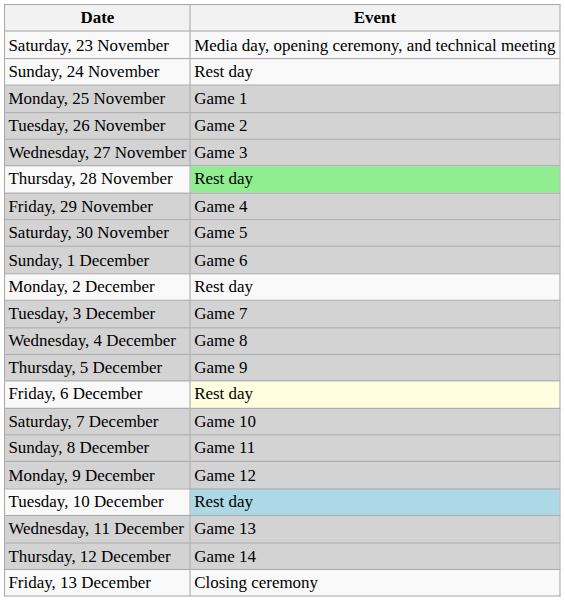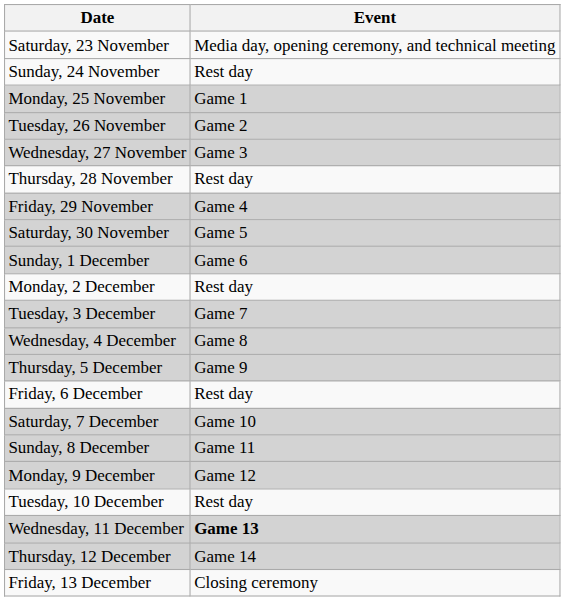 <table class="wikitable">
 <tr>
 <th>Date</th>
 <th>Event</th>
 </tr>
 <tr>
 <td>Saturday, 23 November</td>
 <td>Media day, opening ceremony, and technical meeting</td>
 </tr>
 <tr>
 <td>Sunday, 24 November</td>
 <td>Rest day</td>
 </tr>
 <tr style="background:lightgray">
 <td>Monday, 25 November</td>
 <td>Game 1</td>
 </tr>
 <tr style="background:lightgray">
 <td>Tuesday, 26 November</td>
 <td>Game 2</td>
 </tr>
 <tr style="background:lightgray">
 <td>Wednesday, 27 November</td>
 <td>Game 3</td>
 </tr>
 <tr>
 <td>Thursday, 28 November</td>
-<td style="background: lightgreen;">Rest day</td>
+<td>Rest day</td>
 </tr>
 <tr style="background:lightgray">
 <td>Friday, 29 November</td>
 <td>Game 4</td>
 </tr>
 <tr style="background:lightgray">
 <td>Saturday, 30 November</td>
 <td>Game 5</td>
 </tr>
 <tr style="background:lightgray">
 <td>Sunday, 1 December</td>
 <td>Game 6</td>
 </tr>
 <tr>
 <td>Monday, 2 December</td>
 <td>Rest day</td>
 </tr>
 <tr style="background:lightgray">
 <td>Tuesday, 3 December</td>
 <td>Game 7</td>
 </tr>
 <tr style="background:lightgray">
 <td>Wednesday, 4 December</td>
 <td>Game 8</td>
 </tr>
 <tr style="background:lightgray">
 <td>Thursday, 5 December</td>
 <td>Game 9</td>
 </tr>
 <tr>
 <td>Friday, 6 December</td>
-<td style="background: lightyellow;">Rest day</td>
+<td>Rest day</td>
 </tr>
 <tr style="background:lightgray">
 <td>Saturday, 7 December</td>
 <td>Game 10</td>
 </tr>
 <tr style="background:lightgray">
 <td>Sunday, 8 December</td>
 <td>Game 11</td>
 </tr>
 <tr style="background:lightgray">
 <td>Monday, 9 December</td>
 <td>Game 12</td>
 </tr>
 <tr>
 <td>Tuesday, 10 December</td>
-<td style="background: lightblue;">Rest day</td>
+<td>Rest day</td>
 </tr>
 <tr style="background:lightgray">
 <td>Wednesday, 11 December</td>
-<td>Game 13</td>
+<td><strong>Game 13</strong></td>
 </tr>
 <tr style="background:lightgray">
 <td>Thursday, 12 December</td>
 <td>Game 14</td>
 </tr>
 <tr>
 <td>Friday, 13 December</td>
 <td>Closing ceremony</td>
 </tr>
 </table>
